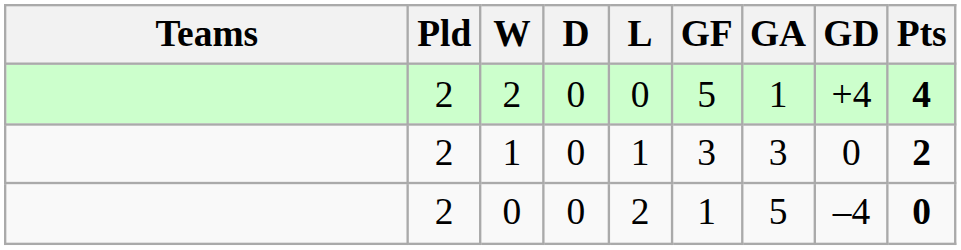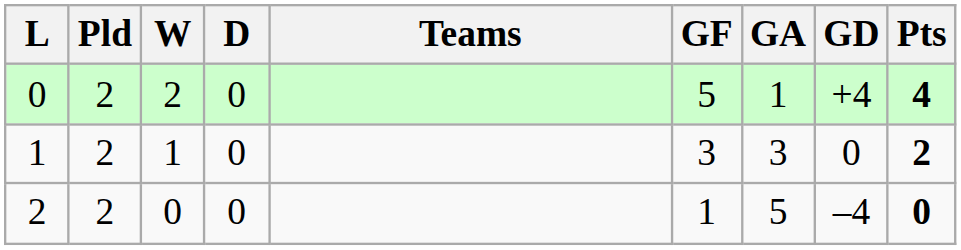 <table class="wikitable" style="text-align: center;">
 <tr>
-<th width=165>Teams</th>
+<th width=20>L</th>
 <th width=20>Pld</th>
 <th width=20>W</th>
 <th width=20>D</th>
-<th width=20>L</th>
+<th width=165>Teams</th>
 <th width=20>GF</th>
 <th width=20>GA</th>
 <th width=20>GD</th>
 <th width=20>Pts</th>
 </tr>
 <tr align=center style="background:#ccffcc;">
-<td style="text-align:left;"></td>
+<td>0</td>
 <td>2</td>
 <td>2</td>
 <td>0</td>
-<td>0</td>
+<td style="text-align:left;"></td>
 <td>5</td>
 <td>1</td>
 <td>+4</td>
 <td><strong>4</strong></td>
 </tr>
 <tr align=center>
-<td style="text-align:left;"></td>
+<td>1</td>
 <td>2</td>
 <td>1</td>
 <td>0</td>
-<td>1</td>
+<td style="text-align:left;"></td>
 <td>3</td>
 <td>3</td>
 <td>0</td>
 <td><strong>2</strong></td>
 </tr>
 <tr align=center>
-<td style="text-align:left;"></td>
+<td>2</td>
 <td>2</td>
 <td>0</td>
 <td>0</td>
-<td>2</td>
+<td style="text-align:left;"></td>
 <td>1</td>
 <td>5</td>
 <td>–4</td>
 <td><strong>0</strong></td>
 </tr>
 </table>
